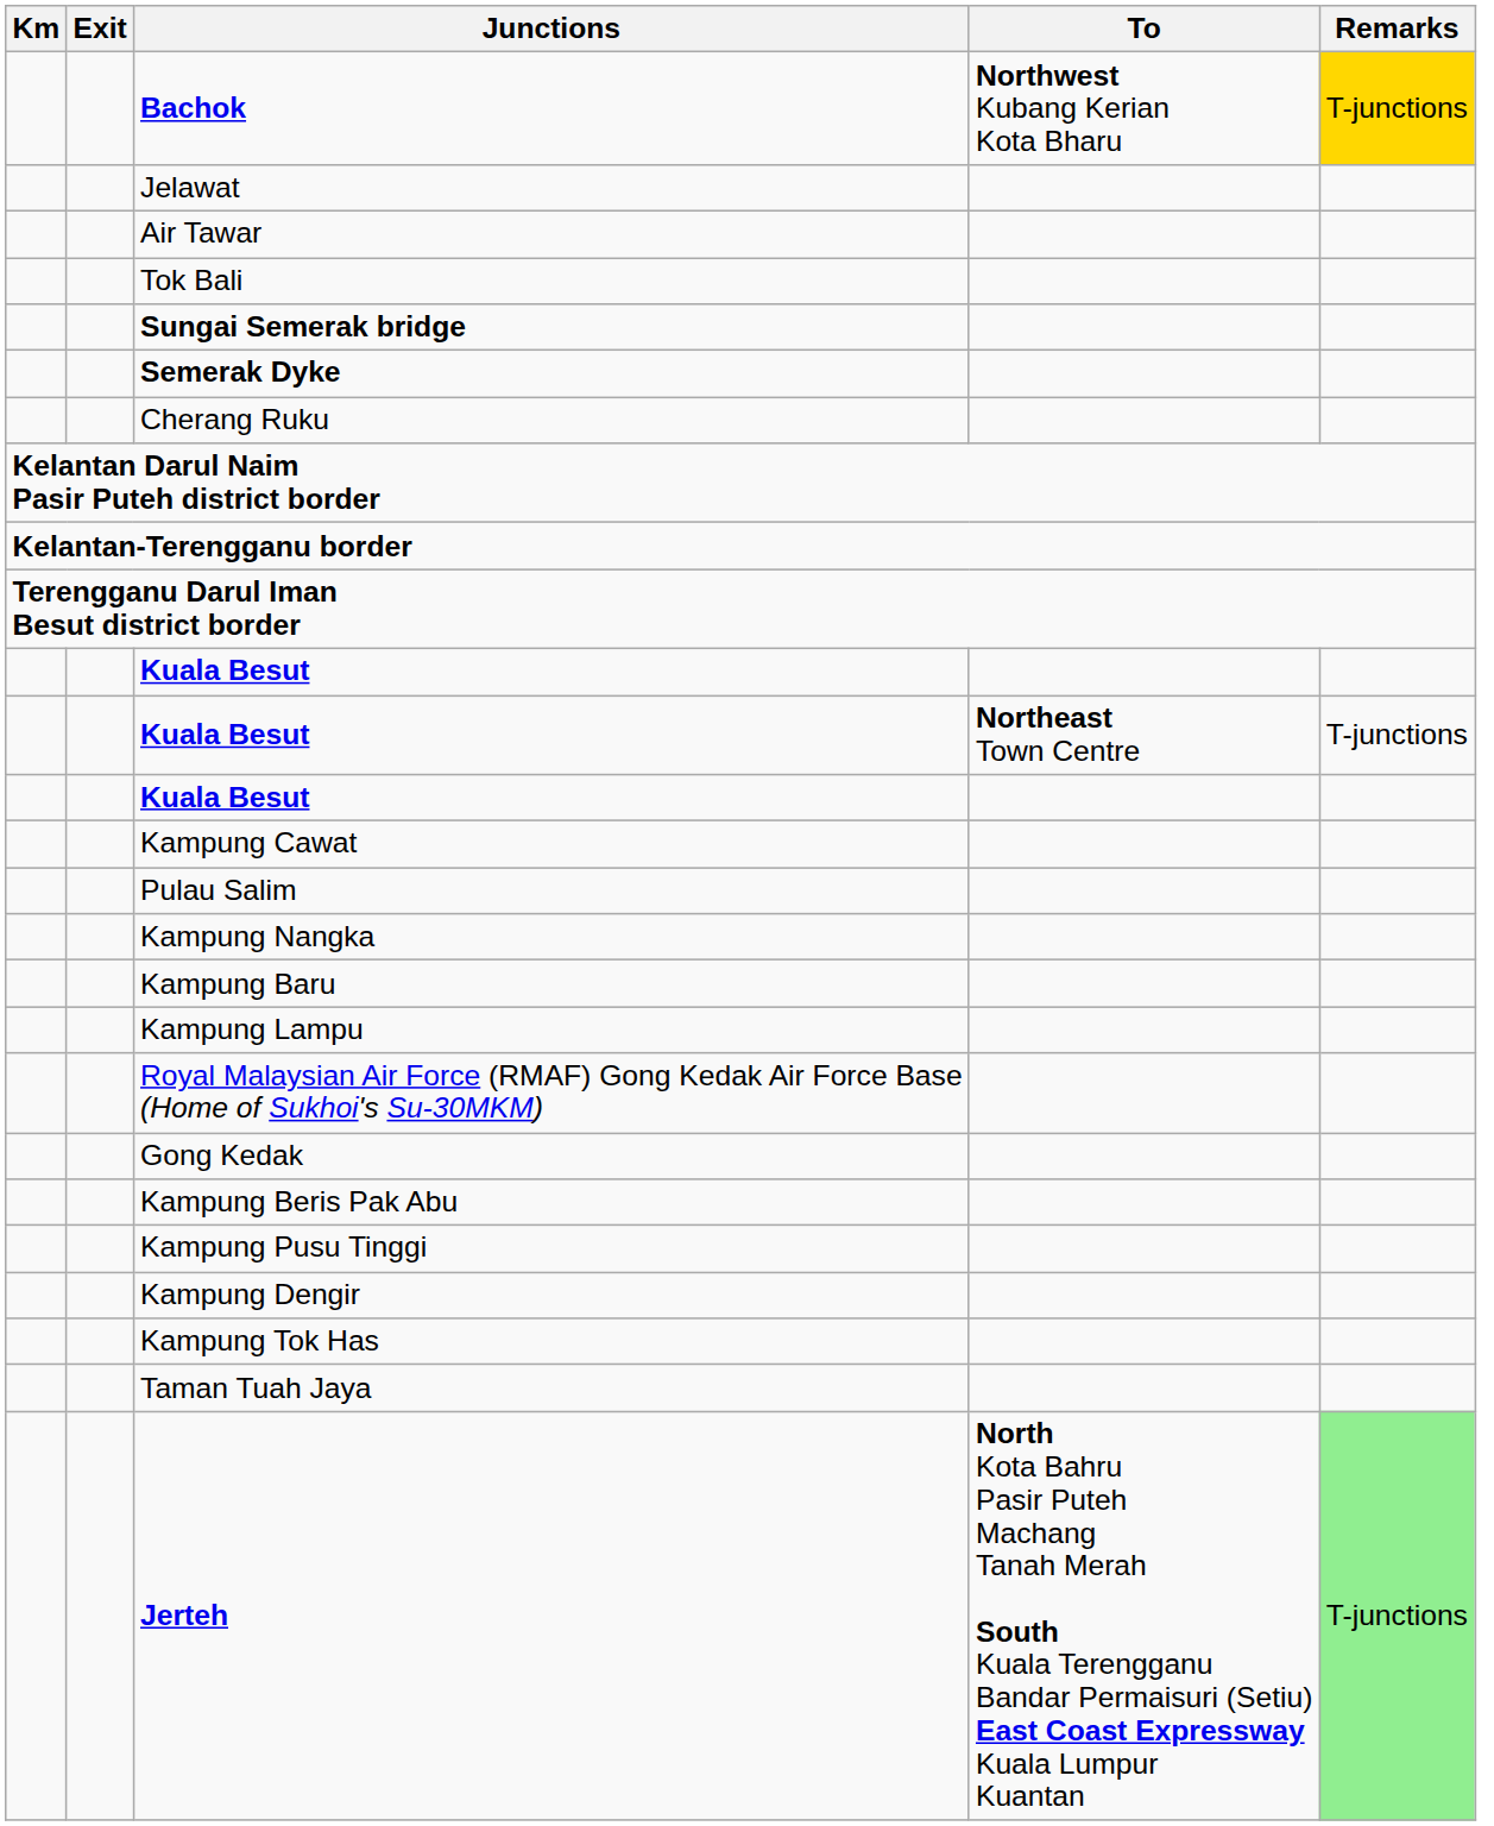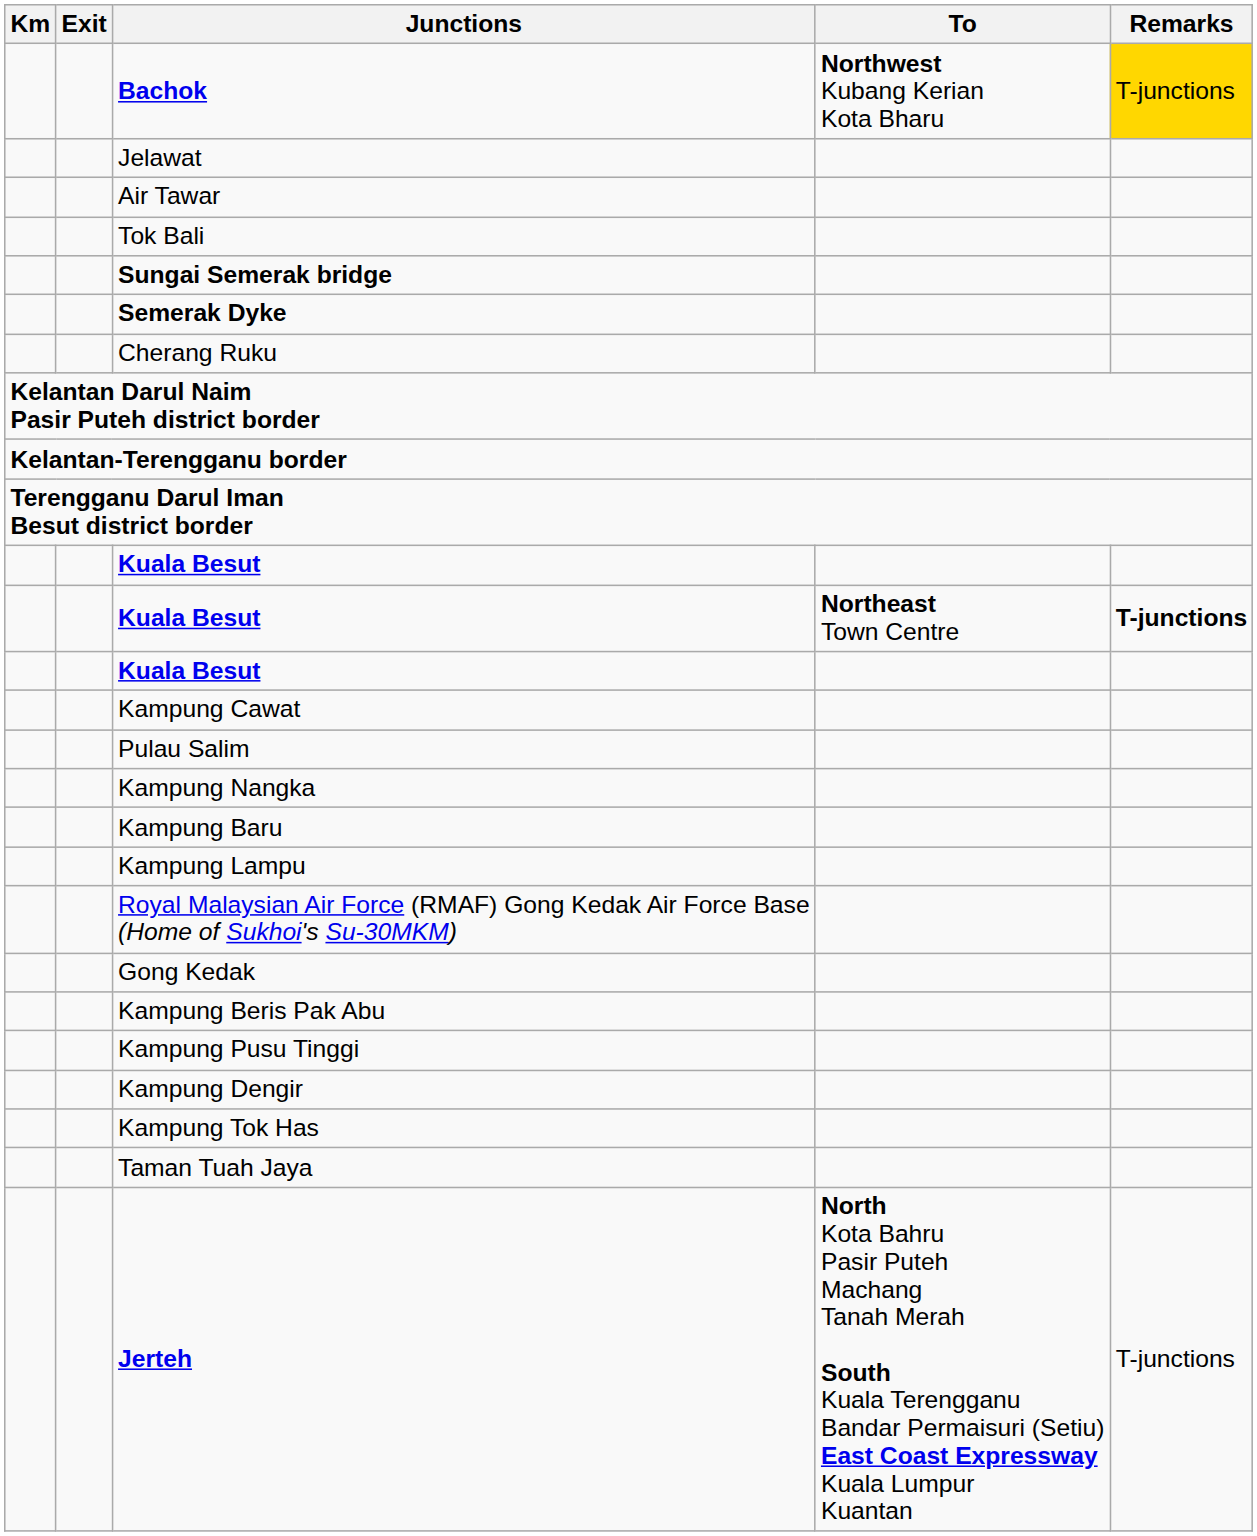 <table class="wikitable">
 <tr>
 <th>Km</th>
 <th>Exit</th>
 <th>Junctions</th>
 <th>To</th>
 <th>Remarks</th>
 </tr>
 <tr>
 <td></td>
 <td></td>
 <td><strong><a href='#'>Bachok</a></strong></td>
 <td><strong>Northwest</strong><br> Kubang Kerian<br>  Kota Bharu</td>
 <td style="background: gold;">T-junctions</td>
 </tr>
 <tr>
 <td></td>
 <td></td>
 <td>Jelawat</td>
 <td></td>
 <td></td>
 </tr>
 <tr>
 <td></td>
 <td></td>
 <td>Air Tawar</td>
 <td></td>
 <td></td>
 </tr>
 <tr>
 <td></td>
 <td></td>
 <td>Tok Bali</td>
 <td></td>
 <td></td>
 </tr>
 <tr>
 <td></td>
 <td></td>
 <td><strong>Sungai Semerak bridge</strong></td>
 <td></td>
 <td></td>
 </tr>
 <tr>
 <td></td>
 <td></td>
 <td><strong>Semerak Dyke</strong></td>
 <td></td>
 <td></td>
 </tr>
 <tr>
 <td></td>
 <td></td>
 <td>Cherang Ruku</td>
 <td></td>
 <td></td>
 </tr>
 <tr>
 <td style="width:600px" colspan="6" style="text-align:center; background:blue;"><strong><span>Kelantan Darul Naim<br>Pasir Puteh district border</span></strong></td>
 </tr>
 <tr>
 <td style="width:600px" colspan="6" style="text-align:center; background:yellow;"><strong><span>Kelantan-Terengganu border</span></strong></td>
 </tr>
 <tr>
 <td style="width:600px" colspan="6" style="text-align:center; background:blue;"><strong><span>Terengganu Darul Iman<br>Besut district border</span></strong></td>
 </tr>
 <tr>
 <td></td>
 <td></td>
 <td><strong><a href='#'>Kuala Besut</a></strong></td>
 <td></td>
 <td></td>
 </tr>
 <tr>
 <td></td>
 <td></td>
 <td><strong><a href='#'>Kuala Besut</a></strong></td>
 <td><strong>Northeast</strong><br> Town Centre</td>
-<td>T-junctions</td>
+<td><strong>T-junctions</strong></td>
 </tr>
 <tr>
 <td></td>
 <td></td>
 <td><strong><a href='#'>Kuala Besut</a></strong></td>
 <td></td>
 <td></td>
 </tr>
 <tr>
 <td></td>
 <td></td>
 <td>Kampung Cawat</td>
 <td></td>
 <td></td>
 </tr>
 <tr>
 <td></td>
 <td></td>
 <td>Pulau Salim</td>
 <td></td>
 <td></td>
 </tr>
 <tr>
 <td></td>
 <td></td>
 <td>Kampung Nangka</td>
 <td></td>
 <td></td>
 </tr>
 <tr>
 <td></td>
 <td></td>
 <td>Kampung Baru</td>
 <td></td>
 <td></td>
 </tr>
 <tr>
 <td></td>
 <td></td>
 <td>Kampung Lampu</td>
 <td></td>
 <td></td>
 </tr>
 <tr>
 <td></td>
 <td></td>
 <td><a href='#'>Royal Malaysian Air Force</a> (RMAF) Gong Kedak Air Force Base<br><em>(Home of <a href='#'>Sukhoi</a>'s <a href='#'>Su-30MKM</a>)</em></td>
 <td></td>
 <td></td>
 </tr>
 <tr>
 <td></td>
 <td></td>
 <td>Gong Kedak</td>
 <td></td>
 <td></td>
 </tr>
 <tr>
 <td></td>
 <td></td>
 <td>Kampung Beris Pak Abu</td>
 <td></td>
 <td></td>
 </tr>
 <tr>
 <td></td>
 <td></td>
 <td>Kampung Pusu Tinggi</td>
 <td></td>
 <td></td>
 </tr>
 <tr>
 <td></td>
 <td></td>
 <td>Kampung Dengir</td>
 <td></td>
 <td></td>
 </tr>
 <tr>
 <td></td>
 <td></td>
 <td>Kampung Tok Has</td>
 <td></td>
 <td></td>
 </tr>
 <tr>
 <td></td>
 <td></td>
 <td>Taman Tuah Jaya</td>
 <td></td>
 <td></td>
 </tr>
 <tr>
 <td></td>
 <td></td>
 <td><strong><a href='#'>Jerteh</a></strong></td>
 <td><strong>North</strong><br>  Kota Bahru<br>  Pasir Puteh<br>  Machang<br>  Tanah Merah<br><br><strong>South</strong><br>  Kuala Terengganu<br>  Bandar Permaisuri (Setiu)<br> <strong><a href='#'>East Coast Expressway</a></strong><br>Kuala Lumpur<br>Kuantan</td>
-<td style="background: lightgreen;">T-junctions</td>
+<td>T-junctions</td>
 </tr>
 </table>
